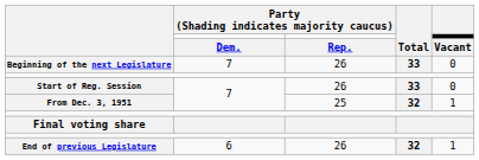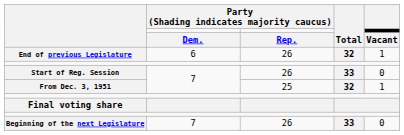 <table class=wikitable style="text-align:center">
 <tr style="vertical-align:bottom;">
 <th rowspan=3></th>
 <th colspan=2>Party <div>(Shading indicates majority caucus)</div></th>
 <th rowspan=3>Total</th>
 <th></th>
 </tr>
 <tr style="height:5px">
 <td style="background-color:"></td>
 <td style="background-color:"></td>
 <td style="background:black;"></td>
 </tr>
 <tr>
 <th><a href='#'>Dem.</a></th>
 <th><a href='#'>Rep.</a></th>
 <th>Vacant</th>
 </tr>
 <tr>
-<th style="font-size:80%;">Beginning of the <a href='#'>next Legislature</a></th>
-<td>7</td>
+<th style="font-size:80%;">End of <a href='#'>previous Legislature</a></th>
+<td>6</td>
 <td>26</td>
-<th>33</th>
-<td>0</td>
+<th>32</th>
+<td>1</td>
 </tr>
 <tr>
 <td colspan=5></td>
 </tr>
 <tr>
 <th style="font-size:80%;">Start of Reg. Session</th>
 <td rowspan="2">7</td>
 <td>26</td>
 <th>33</th>
 <td>0</td>
 </tr>
 <tr>
 <th style="font-size:80%;">From Dec. 3, 1951</th>
 <td>25</td>
 <th>32</th>
 <td>1</td>
 </tr>
 <tr>
 <td colspan=5></td>
 </tr>
 <tr>
 <th>Final voting share</th>
 <th></th>
 <th></th>
 <th colspan=2></th>
 </tr>
 <tr>
 <td colspan=5></td>
 </tr>
 <tr>
-<th style="font-size:80%;">End of <a href='#'>previous Legislature</a></th>
-<td>6</td>
+<th style="font-size:80%;">Beginning of the <a href='#'>next Legislature</a></th>
+<td>7</td>
 <td>26</td>
-<th>32</th>
-<td>1</td>
+<th>33</th>
+<td>0</td>
 </tr>
 </table>
